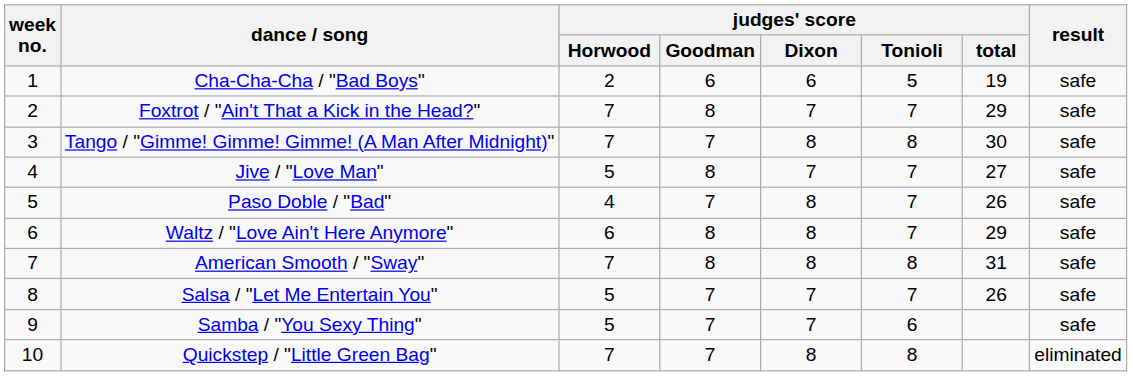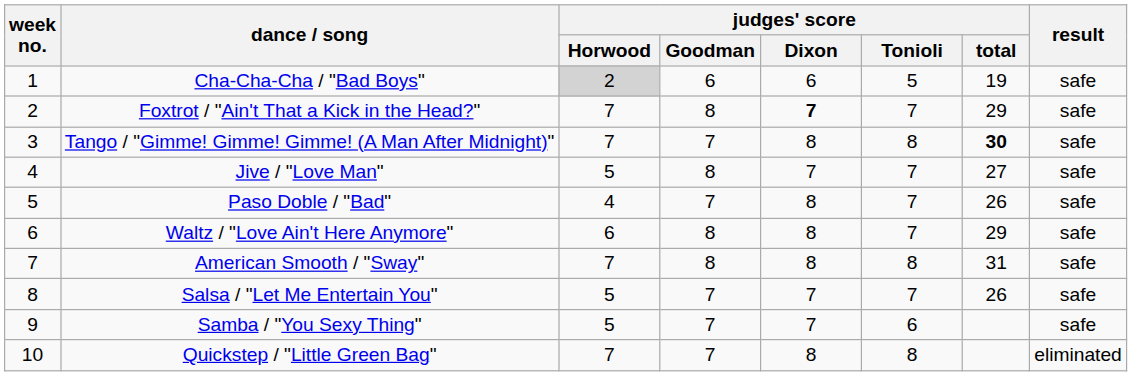 <table class=wikitable style="float:left; text-align:center">
 <tr>
 <th rowspan=2>week<br>no.</th>
 <th rowspan=2>dance / song</th>
 <th colspan=5>judges' score</th>
 <th rowspan=2>result</th>
 </tr>
 <tr>
 <th style=width:9%>Horwood</th>
 <th style=width:9%>Goodman</th>
 <th style=width:9%>Dixon</th>
 <th style=width:9%>Tonioli</th>
 <th style=width:6%>total</th>
 </tr>
 <tr>
 <td>1</td>
 <td><a href='#'>Cha-Cha-Cha</a> / "<a href='#'>Bad Boys</a>"</td>
-<td>2</td>
+<td style="background: lightgrey;">2</td>
 <td>6</td>
 <td>6</td>
 <td>5</td>
 <td>19</td>
 <td>safe</td>
 </tr>
 <tr>
 <td>2</td>
 <td><a href='#'>Foxtrot</a> / "<a href='#'>Ain't That a Kick in the Head?</a>"</td>
 <td>7</td>
 <td>8</td>
-<td>7</td>
+<td><strong>7</strong></td>
 <td>7</td>
 <td>29</td>
 <td>safe</td>
 </tr>
 <tr>
 <td>3</td>
 <td><a href='#'>Tango</a> / "<a href='#'>Gimme! Gimme! Gimme! (A Man After Midnight)</a>"</td>
 <td>7</td>
 <td>7</td>
 <td>8</td>
 <td>8</td>
-<td>30</td>
+<td><strong>30</strong></td>
 <td>safe</td>
 </tr>
 <tr>
 <td>4</td>
 <td><a href='#'>Jive</a> / "<a href='#'>Love Man</a>"</td>
 <td>5</td>
 <td>8</td>
 <td>7</td>
 <td>7</td>
 <td>27</td>
 <td>safe</td>
 </tr>
 <tr>
 <td>5</td>
 <td><a href='#'>Paso Doble</a> / "<a href='#'>Bad</a>"</td>
 <td>4</td>
 <td>7</td>
 <td>8</td>
 <td>7</td>
 <td>26</td>
 <td>safe</td>
 </tr>
 <tr>
 <td>6</td>
 <td><a href='#'>Waltz</a> / "<a href='#'>Love Ain't Here Anymore</a>"</td>
 <td>6</td>
 <td>8</td>
 <td>8</td>
 <td>7</td>
 <td>29</td>
 <td>safe</td>
 </tr>
 <tr>
 <td>7</td>
 <td><a href='#'>American Smooth</a> / "<a href='#'>Sway</a>"</td>
 <td>7</td>
 <td>8</td>
 <td>8</td>
 <td>8</td>
 <td>31</td>
 <td>safe</td>
 </tr>
 <tr>
 <td>8</td>
 <td><a href='#'>Salsa</a> / "<a href='#'>Let Me Entertain You</a>"</td>
 <td>5</td>
 <td>7</td>
 <td>7</td>
 <td>7</td>
 <td>26</td>
 <td>safe</td>
 </tr>
 <tr>
 <td>9</td>
 <td><a href='#'>Samba</a> / "<a href='#'>You Sexy Thing</a>"</td>
 <td>5</td>
 <td>7</td>
 <td>7</td>
 <td>6</td>
 <td><em></em></td>
 <td>safe</td>
 </tr>
 <tr>
 <td>10</td>
 <td><a href='#'>Quickstep</a> / "<a href='#'>Little Green Bag</a>"</td>
 <td>7</td>
 <td>7</td>
 <td>8</td>
 <td>8</td>
 <td><em></em></td>
 <td>eliminated</td>
 </tr>
 </table>
